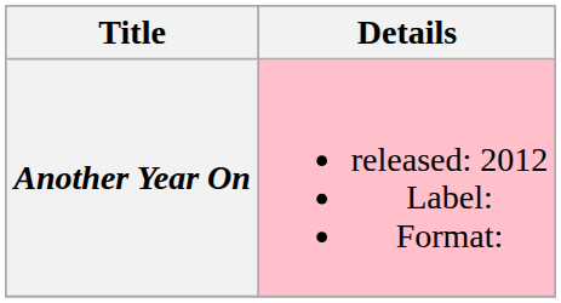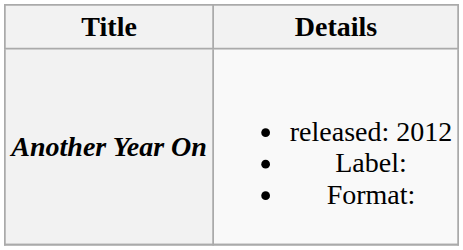 <table class="wikitable plainrowheaders" style="text-align:center;" border="1">
 <tr>
 <th>Title</th>
 <th>Details</th>
 </tr>
 <tr>
 <th scope="row"><em>Another Year On</em></th>
-<td style="background: pink;"><br><ul><li>released: 2012</li><li>Label:</li><li>Format:</li></ul></td>
+<td><br><ul><li>released: 2012</li><li>Label:</li><li>Format:</li></ul></td>
 </tr>
 <tr>
 </tr>
 </table>
